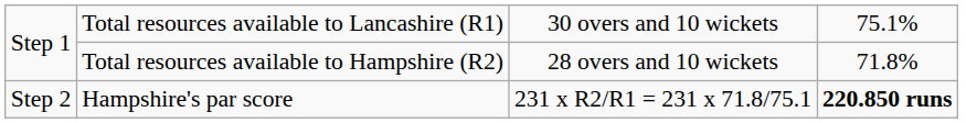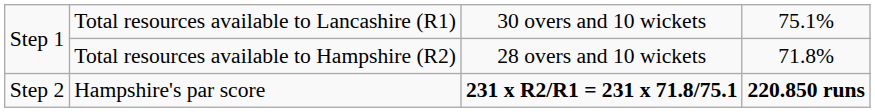 <table class="wikitable">
 <tr>
 <td rowspan="2" colspan="1" style="text-align: center;">Step 1</td>
 <td>Total resources available to Lancashire (R1)</td>
 <td align="center">30 overs and 10 wickets</td>
 <td align="center">75.1%</td>
 </tr>
 <tr>
 <td>Total resources available to Hampshire (R2)</td>
 <td align="center">28 overs and 10 wickets</td>
 <td align="center">71.8%</td>
 </tr>
 <tr>
 <td rowspan="1" colspan="1" style="text-align: center;">Step 2</td>
 <td>Hampshire's par score</td>
-<td align="center">231 x R2/R1 = 231 x 71.8/75.1</td>
+<td align="center"><strong>231 x R2/R1 = 231 x 71.8/75.1</strong></td>
 <td align="center"><strong>220.850 runs</strong></td>
 </tr>
 </table>
